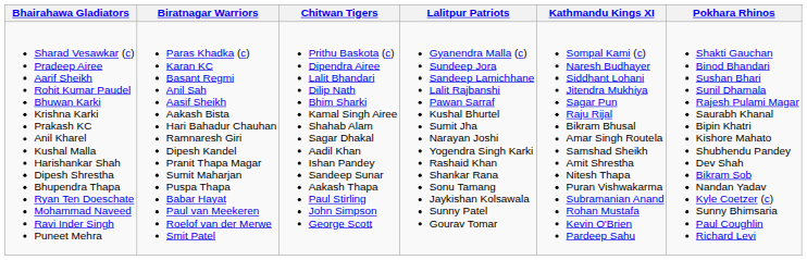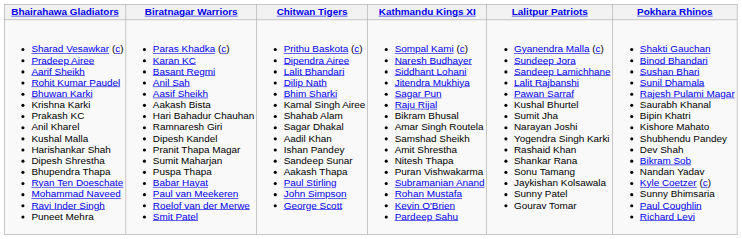 <table class="wikitable">
 <tr>
 <th><a href='#'>Bhairahawa Gladiators</a></th>
 <th><a href='#'>Biratnagar Warriors</a></th>
 <th><a href='#'>Chitwan Tigers</a></th>
+<th><a href='#'>Kathmandu Kings XI</a></th>
 <th><a href='#'>Lalitpur Patriots</a></th>
-<th><a href='#'>Kathmandu Kings XI</a></th>
 <th><a href='#'>Pokhara Rhinos</a></th>
 </tr>
 <tr>
 <td valign=top><br><ul><li><a href='#'>Sharad Vesawkar</a> (<a href='#'>c</a>)</li><li><a href='#'>Pradeep Airee</a></li><li><a href='#'>Aarif Sheikh</a></li><li><a href='#'>Rohit Kumar Paudel</a></li><li><a href='#'>Bhuwan Karki</a></li><li>Krishna Karki</li><li>Prakash KC</li><li>Anil Kharel</li><li>Kushal Malla</li><li>Harishankar Shah</li><li>Dipesh Shrestha</li><li>Bhupendra Thapa</li><li><a href='#'>Ryan Ten Doeschate</a></li><li><a href='#'>Mohammad Naveed</a></li><li><a href='#'>Ravi Inder Singh</a></li><li>Puneet Mehra</li></ul></td>
 <td valign=top><br><ul><li><a href='#'>Paras Khadka</a> (<a href='#'>c</a>)</li><li><a href='#'>Karan KC</a></li><li><a href='#'>Basant Regmi</a></li><li><a href='#'>Anil Sah</a></li><li><a href='#'>Aasif Sheikh</a></li><li>Aakash Bista</li><li>Hari Bahadur Chauhan</li><li>Ramnaresh Giri</li><li>Dipesh Kandel</li><li>Pranit Thapa Magar</li><li>Sumit Maharjan</li><li>Puspa Thapa</li><li><a href='#'>Babar Hayat</a></li><li><a href='#'>Paul van Meekeren</a></li><li><a href='#'>Roelof van der Merwe</a></li><li><a href='#'>Smit Patel</a></li></ul></td>
 <td valign=top><br><ul><li><a href='#'>Prithu Baskota</a> (<a href='#'>c</a>)</li><li><a href='#'>Dipendra Airee</a></li><li><a href='#'>Lalit Bhandari</a></li><li><a href='#'>Dilip Nath</a></li><li><a href='#'>Bhim Sharki</a></li><li>Kamal Singh Airee</li><li>Shahab Alam</li><li>Sagar Dhakal</li><li>Aadil Khan</li><li>Ishan Pandey</li><li>Sandeep Sunar</li><li>Aakash Thapa</li><li><a href='#'>Paul Stirling</a></li><li><a href='#'>John Simpson</a></li><li><a href='#'>George Scott</a></li></ul></td>
+<td valign=top><br><ul><li><a href='#'>Sompal Kami</a> (<a href='#'>c</a>)</li><li><a href='#'>Naresh Budhayer</a></li><li><a href='#'>Siddhant Lohani</a></li><li><a href='#'>Jitendra Mukhiya</a></li><li><a href='#'>Sagar Pun</a></li><li><a href='#'>Raju Rijal</a></li><li>Bikram Bhusal</li><li>Amar Singh Routela</li><li>Samshad Sheikh</li><li>Amit Shrestha</li><li>Nitesh Thapa</li><li>Puran Vishwakarma</li><li><a href='#'>Subramanian Anand</a></li><li><a href='#'>Rohan Mustafa</a></li><li><a href='#'>Kevin O'Brien</a></li><li><a href='#'>Pardeep Sahu</a></li></ul></td>
 <td valign=top><br><ul><li><a href='#'>Gyanendra Malla</a> (<a href='#'>c</a>)</li><li><a href='#'>Sundeep Jora</a></li><li><a href='#'>Sandeep Lamichhane</a></li><li><a href='#'>Lalit Rajbanshi</a></li><li><a href='#'>Pawan Sarraf</a></li><li>Kushal Bhurtel</li><li>Sumit Jha</li><li>Narayan Joshi</li><li>Yogendra Singh Karki</li><li>Rashaid Khan</li><li>Shankar Rana</li><li>Sonu Tamang</li><li>Jaykishan Kolsawala</li><li>Sunny Patel</li><li>Gourav Tomar</li></ul></td>
-<td valign=top><br><ul><li><a href='#'>Sompal Kami</a> (<a href='#'>c</a>)</li><li><a href='#'>Naresh Budhayer</a></li><li><a href='#'>Siddhant Lohani</a></li><li><a href='#'>Jitendra Mukhiya</a></li><li><a href='#'>Sagar Pun</a></li><li><a href='#'>Raju Rijal</a></li><li>Bikram Bhusal</li><li>Amar Singh Routela</li><li>Samshad Sheikh</li><li>Amit Shrestha</li><li>Nitesh Thapa</li><li>Puran Vishwakarma</li><li><a href='#'>Subramanian Anand</a></li><li><a href='#'>Rohan Mustafa</a></li><li><a href='#'>Kevin O'Brien</a></li><li><a href='#'>Pardeep Sahu</a></li></ul></td>
 <td valign=top><br><ul><li><a href='#'>Shakti Gauchan</a></li><li><a href='#'>Binod Bhandari</a></li><li><a href='#'>Sushan Bhari</a></li><li><a href='#'>Sunil Dhamala</a></li><li><a href='#'>Rajesh Pulami Magar</a></li><li>Saurabh Khanal</li><li>Bipin Khatri</li><li>Kishore Mahato</li><li>Shubhendu Pandey</li><li>Dev Shah</li><li><a href='#'>Bikram Sob</a></li><li>Nandan Yadav</li><li><a href='#'>Kyle Coetzer</a> (<a href='#'>c</a>)</li><li>Sunny Bhimsaria</li><li><a href='#'>Paul Coughlin</a></li><li><a href='#'>Richard Levi</a></li></ul></td>
 </tr>
 </table>
